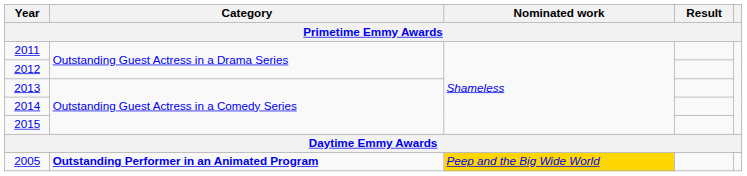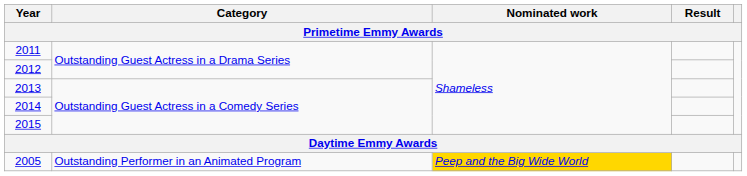 <table class="wikitable" style="width:80%;">
 <tr>
 <th scope="row">Year</th>
 <th scope="row">Category</th>
 <th scope="row">Nominated work</th>
 <th scope="row">Result</th>
 <th scope="row"></th>
 </tr>
 <tr>
 <th colspan="5"><a href='#'>Primetime Emmy Awards</a></th>
 </tr>
 <tr>
 <td style="text-align:center;"><a href='#'>2011</a></td>
 <td rowspan="2"><a href='#'>Outstanding Guest Actress in a Drama Series</a></td>
 <td rowspan="5"><em><a href='#'>Shameless</a></em></td>
 <td></td>
 <td style="text-align:center;" rowspan="5"></td>
 </tr>
 <tr>
 <td style="text-align:center;"><a href='#'>2012</a></td>
 <td></td>
 </tr>
 <tr>
 <td style="text-align:center;"><a href='#'>2013</a></td>
 <td rowspan="3"><a href='#'>Outstanding Guest Actress in a Comedy Series</a></td>
 <td></td>
 </tr>
 <tr>
 <td style="text-align:center;"><a href='#'>2014</a></td>
 <td></td>
 </tr>
 <tr>
 <td style="text-align:center;"><a href='#'>2015</a></td>
 <td></td>
 </tr>
 <tr>
 <th colspan="5"><a href='#'>Daytime Emmy Awards</a></th>
 </tr>
 <tr>
 <td style="text-align:center;"><a href='#'>2005</a></td>
-<td><strong><a href='#'>Outstanding Performer in an Animated Program</a></strong></td>
+<td><a href='#'>Outstanding Performer in an Animated Program</a></td>
 <td style="background: gold;"><em><a href='#'>Peep and the Big Wide World</a></em></td>
 <td></td>
 <td style="text-align:center;"></td>
 </tr>
 </table>
